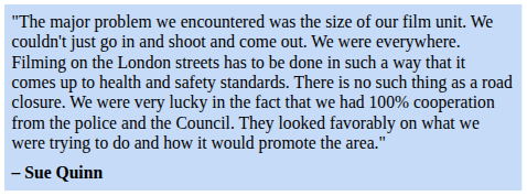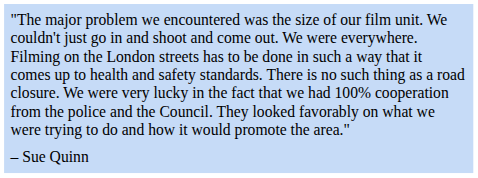 <table class="toccolours" style="float: left; margin-left: 1em; margin-right: 2em; font-size: 85%; background:#c6dbf7; colour:black; width:30em; max-width: 40%;" cellspacing="5">
 <tr>
 <td style="text-align: left;">"The major problem we encountered was the size of our film unit. We couldn't just go in and shoot and come out. We were everywhere. Filming on the London streets has to be done in such a way that it comes up to health and safety standards. There is no such thing as a road closure. We were very lucky in the fact that we had 100% cooperation from the police and the Council. They looked favorably on what we were trying to do and how it would promote the area."</td>
 </tr>
 <tr>
-<td style="text-align: left;"><strong>– Sue Quinn</strong></td>
+<td style="text-align: left;">– Sue Quinn</td>
 </tr>
 </table>
